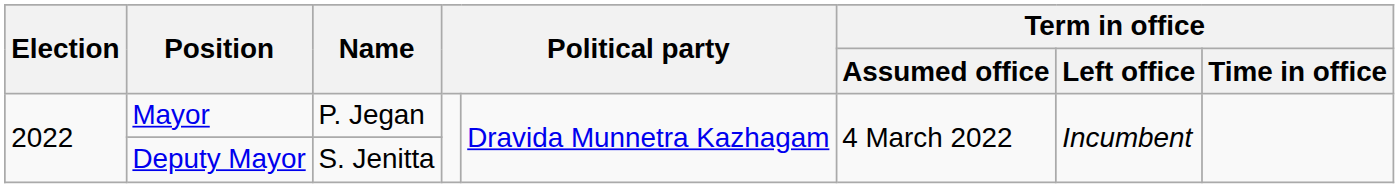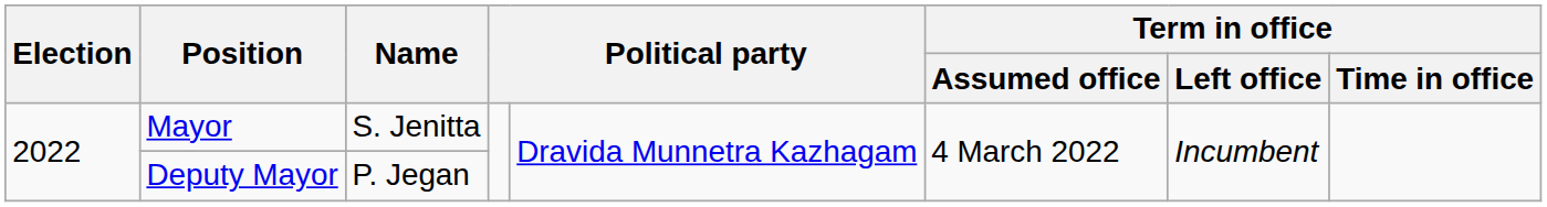 <table class="wikitable">
 <tr>
 <th rowspan=2>Election</th>
 <th rowspan=2>Position</th>
 <th rowspan=2>Name</th>
 <th rowspan=2 colspan=2>Political party</th>
 <th colspan=3>Term in office</th>
 </tr>
 <tr>
 <th>Assumed office</th>
 <th>Left office</th>
 <th>Time in office</th>
 </tr>
 <tr>
 <td rowspan=2>2022</td>
 <td><a href='#'>Mayor</a></td>
-<td>P. Jegan</td>
+<td>S. Jenitta</td>
 <td rowspan=2 width=4px style="background-color:"></td>
 <td rowspan=2><a href='#'>Dravida Munnetra Kazhagam</a></td>
 <td rowspan=2>4 March 2022</td>
 <td rowspan=2><em>Incumbent</em></td>
 <td rowspan=2></td>
 </tr>
 <tr>
 <td><a href='#'>Deputy Mayor</a></td>
-<td>S. Jenitta</td>
+<td>P. Jegan</td>
 </tr>
 </table>
